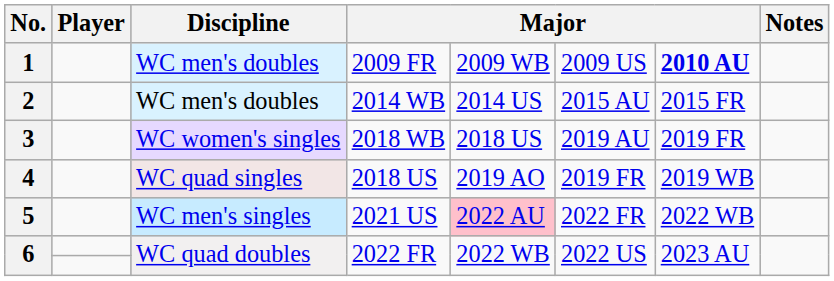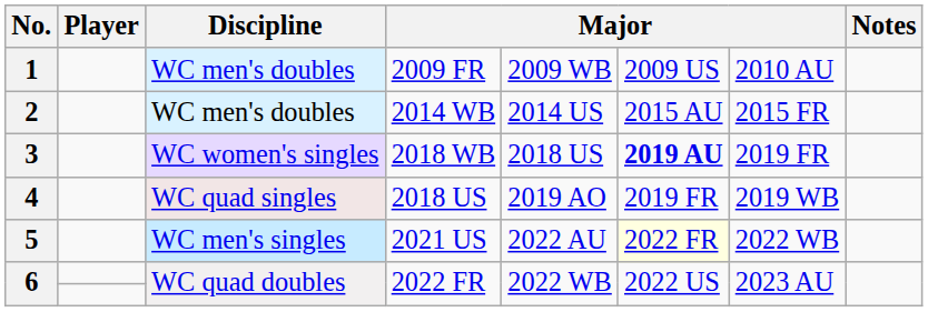 <table class="wikitable sortable mw-datatable sticky-table-col2 sticky-table-row1 sort-under-center">
 <tr>
 <th scope=col>No.</th>
 <th scope=col>Player</th>
 <th scope=col style="width:140">Discipline</th>
 <th scope=col class="unsortable" colspan="4">Major</th>
 <th scope=col class="unsortable">Notes</th>
 </tr>
 <tr>
 <th>1</th>
 <td></td>
 <td style="background:#d9f2ff" data-sort-value="11"><a href='#'>WC men's doubles</a></td>
 <td><a href='#'>2009 FR</a></td>
 <td><a href='#'>2009 WB</a></td>
 <td><a href='#'>2009 US</a></td>
-<td><strong><a href='#'>2010 AU</a></strong></td>
+<td><a href='#'>2010 AU</a></td>
 <td></td>
 </tr>
 <tr>
 <th>2</th>
 <td></td>
 <td style="background:#d9f2ff" data-sort-value="11">WC men's doubles</td>
 <td><a href='#'>2014 WB</a></td>
 <td><a href='#'>2014 US</a></td>
 <td><a href='#'>2015 AU</a></td>
 <td><a href='#'>2015 FR</a></td>
 <td></td>
 </tr>
 <tr>
 <th scope="row">3</th>
 <td></td>
 <td style="background:#e6d9ff" data-sort-value="9"><a href='#'>WC women's singles</a></td>
 <td><a href='#'>2018 WB</a></td>
 <td><a href='#'>2018 US</a></td>
-<td><a href='#'>2019 AU</a></td>
+<td><strong><a href='#'>2019 AU</a></strong></td>
 <td><a href='#'>2019 FR</a></td>
 <td></td>
 </tr>
 <tr>
 <th scope="row">4</th>
 <td></td>
 <td style="background:#f2e6e6" data-sort-value="10"><a href='#'>WC quad singles</a></td>
 <td><a href='#'>2018 US</a></td>
 <td><a href='#'>2019 AO</a></td>
 <td><a href='#'>2019 FR</a></td>
 <td><a href='#'>2019 WB</a></td>
 <td></td>
 </tr>
 <tr>
 <th scope="row">5</th>
 <td></td>
 <td style="background:#c7ebff" data-sort-value="8"><a href='#'>WC men's singles</a></td>
 <td><a href='#'>2021 US</a></td>
-<td style="background: pink;"><a href='#'>2022 AU</a></td>
-<td><a href='#'>2022 FR</a></td>
+<td><a href='#'>2022 AU</a></td>
+<td style="background: lightyellow;"><a href='#'>2022 FR</a></td>
 <td><a href='#'>2022 WB</a></td>
 <td></td>
 </tr>
 <tr>
 <th rowspan="2" scope="row">6</th>
 <td></td>
 <td rowspan="2" style="background:#f2f0f0" data-sort-value="13"><a href='#'>WC quad doubles</a></td>
 <td rowspan="2"><a href='#'>2022 FR</a></td>
 <td rowspan="2"><a href='#'>2022 WB</a></td>
 <td rowspan="2"><a href='#'>2022 US</a></td>
 <td rowspan="2"><a href='#'>2023 AU</a></td>
 <td rowspan="2"></td>
 </tr>
 <tr>
 <td></td>
 </tr>
 </table>
